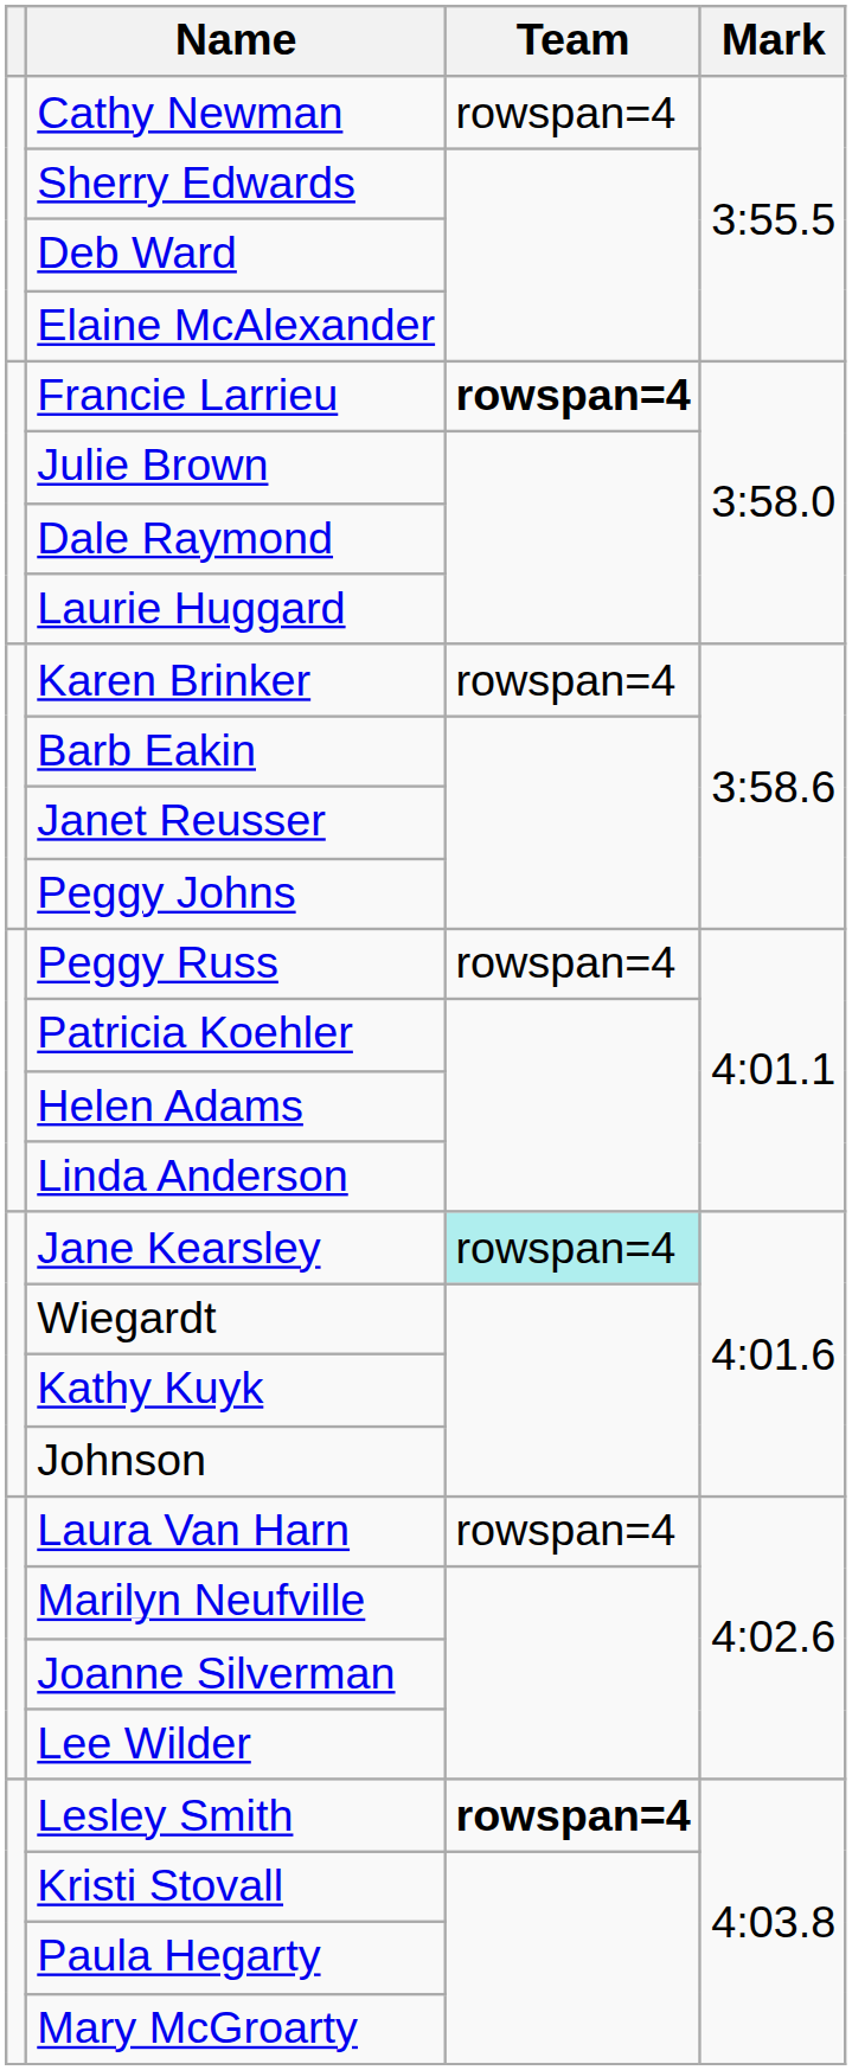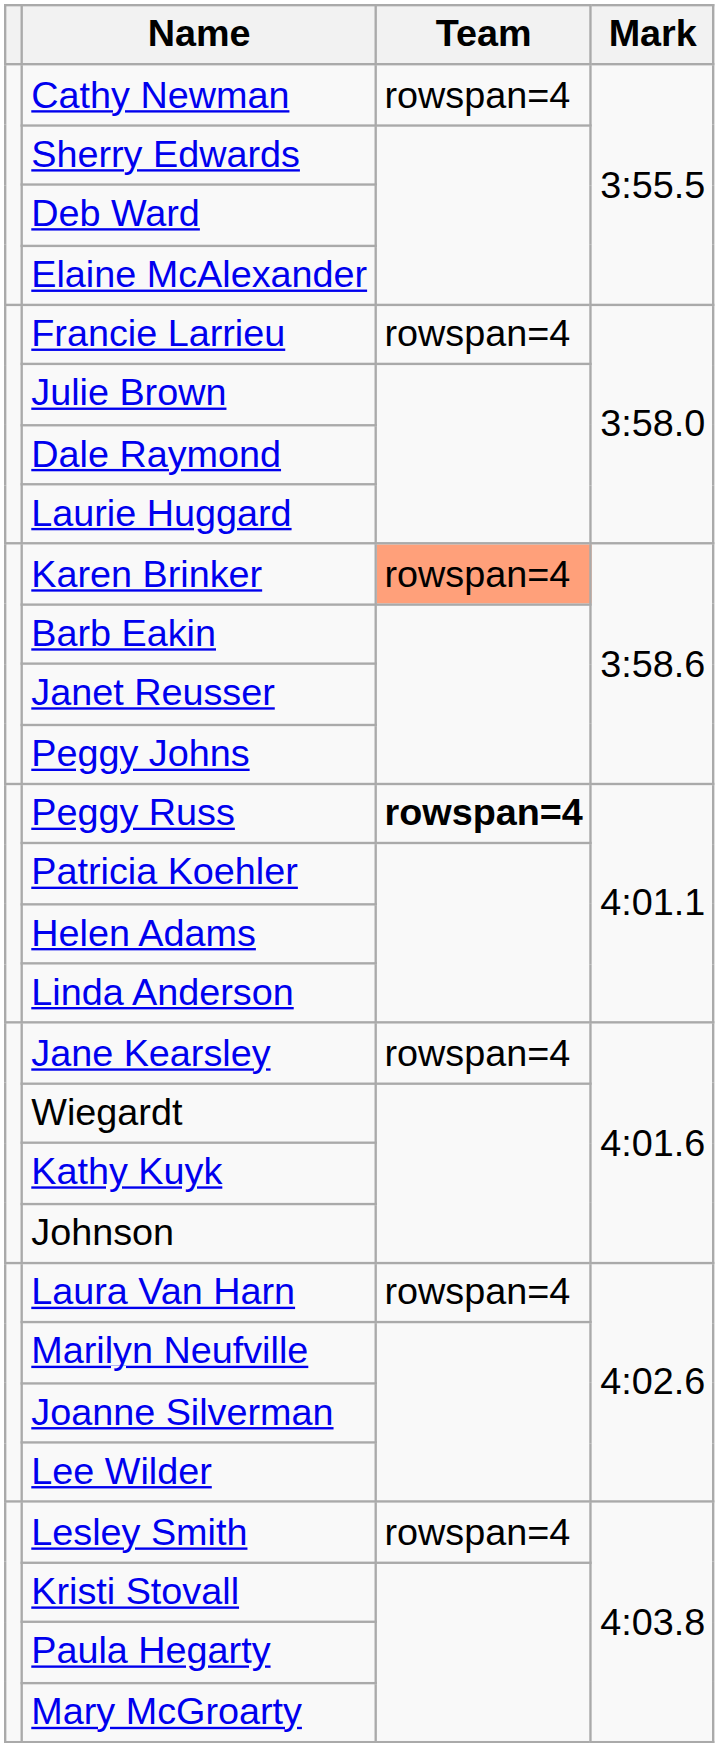 <table class=wikitable>
 <tr>
 <th></th>
 <th>Name</th>
 <th>Team</th>
 <th>Mark</th>
 </tr>
 <tr>
 <td rowspan=4></td>
 <td><a href='#'>Cathy Newman</a></td>
 <td>rowspan=4 </td>
 <td rowspan=4>3:55.5</td>
 </tr>
 <tr>
 <td><a href='#'>Sherry Edwards</a></td>
 </tr>
 <tr>
 <td><a href='#'>Deb Ward</a></td>
 </tr>
 <tr>
 <td><a href='#'>Elaine McAlexander</a></td>
 </tr>
 <tr>
 <td rowspan=4></td>
 <td><a href='#'>Francie Larrieu</a></td>
-<td><strong>rowspan=4 </strong></td>
+<td>rowspan=4 </td>
 <td rowspan=4>3:58.0</td>
 </tr>
 <tr>
 <td><a href='#'>Julie Brown</a></td>
 </tr>
 <tr>
 <td><a href='#'>Dale Raymond</a></td>
 </tr>
 <tr>
 <td><a href='#'>Laurie Huggard</a></td>
 </tr>
 <tr>
 <td rowspan=4></td>
 <td><a href='#'>Karen Brinker</a></td>
-<td>rowspan=4 </td>
+<td style="background: lightsalmon;">rowspan=4 </td>
 <td rowspan=4>3:58.6</td>
 </tr>
 <tr>
 <td><a href='#'>Barb Eakin</a></td>
 </tr>
 <tr>
 <td><a href='#'>Janet Reusser</a></td>
 </tr>
 <tr>
 <td><a href='#'>Peggy Johns</a></td>
 </tr>
 <tr>
 <td rowspan=4></td>
 <td><a href='#'>Peggy Russ</a></td>
-<td>rowspan=4 </td>
+<td><strong>rowspan=4 </strong></td>
 <td rowspan=4>4:01.1</td>
 </tr>
 <tr>
 <td><a href='#'>Patricia Koehler</a></td>
 </tr>
 <tr>
 <td><a href='#'>Helen Adams</a></td>
 </tr>
 <tr>
 <td><a href='#'>Linda Anderson</a></td>
 </tr>
 <tr>
 <td rowspan=4></td>
 <td><a href='#'>Jane Kearsley</a></td>
-<td style="background: paleturquoise;">rowspan=4 </td>
+<td>rowspan=4 </td>
 <td rowspan=4>4:01.6</td>
 </tr>
 <tr>
 <td>Wiegardt</td>
 </tr>
 <tr>
 <td><a href='#'>Kathy Kuyk</a></td>
 </tr>
 <tr>
 <td>Johnson</td>
 </tr>
 <tr>
 <td rowspan=4></td>
 <td><a href='#'>Laura Van Harn</a></td>
 <td>rowspan=4 </td>
 <td rowspan=4>4:02.6</td>
 </tr>
 <tr>
 <td><a href='#'>Marilyn Neufville</a></td>
 </tr>
 <tr>
 <td><a href='#'>Joanne Silverman</a></td>
 </tr>
 <tr>
 <td><a href='#'>Lee Wilder</a></td>
 </tr>
 <tr>
 <td rowspan=4></td>
 <td><a href='#'>Lesley Smith</a></td>
-<td><strong>rowspan=4 </strong></td>
+<td>rowspan=4 </td>
 <td rowspan=4>4:03.8</td>
 </tr>
 <tr>
 <td><a href='#'>Kristi Stovall</a></td>
 </tr>
 <tr>
 <td><a href='#'>Paula Hegarty</a></td>
 </tr>
 <tr>
 <td><a href='#'>Mary McGroarty</a></td>
 </tr>
 </table>
